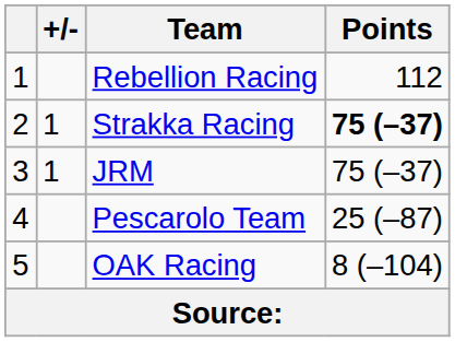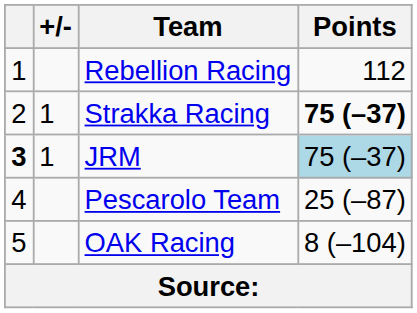 <table class="wikitable" style="font-size: 95%;">
 <tr>
 <th scope="col"></th>
 <th scope="col">+/-</th>
 <th scope="col">Team</th>
 <th scope="col">Points</th>
 </tr>
 <tr>
 <td align="center">1</td>
 <td align="left"></td>
 <td> <a href='#'>Rebellion Racing</a></td>
 <td align="right">112</td>
 </tr>
 <tr>
 <td align="center">2</td>
 <td align="left"> 1</td>
 <td> <a href='#'>Strakka Racing</a></td>
 <td align="right"><strong>75 (–37)</strong></td>
 </tr>
 <tr>
-<td align="center">3</td>
+<td align="center"><strong>3</strong></td>
 <td align="left"> 1</td>
 <td> <a href='#'>JRM</a></td>
-<td align="right">75 (–37)</td>
+<td align="right" style="background: lightblue;">75 (–37)</td>
 </tr>
 <tr>
 <td align="center">4</td>
 <td align="left"></td>
 <td> <a href='#'>Pescarolo Team</a></td>
 <td align="right">25 (–87)</td>
 </tr>
 <tr>
 <td align="center">5</td>
 <td align="left"></td>
 <td> <a href='#'>OAK Racing</a></td>
 <td align="right">8 (–104)</td>
 </tr>
 <tr>
 <th colspan="4">Source:</th>
 </tr>
 </table>
